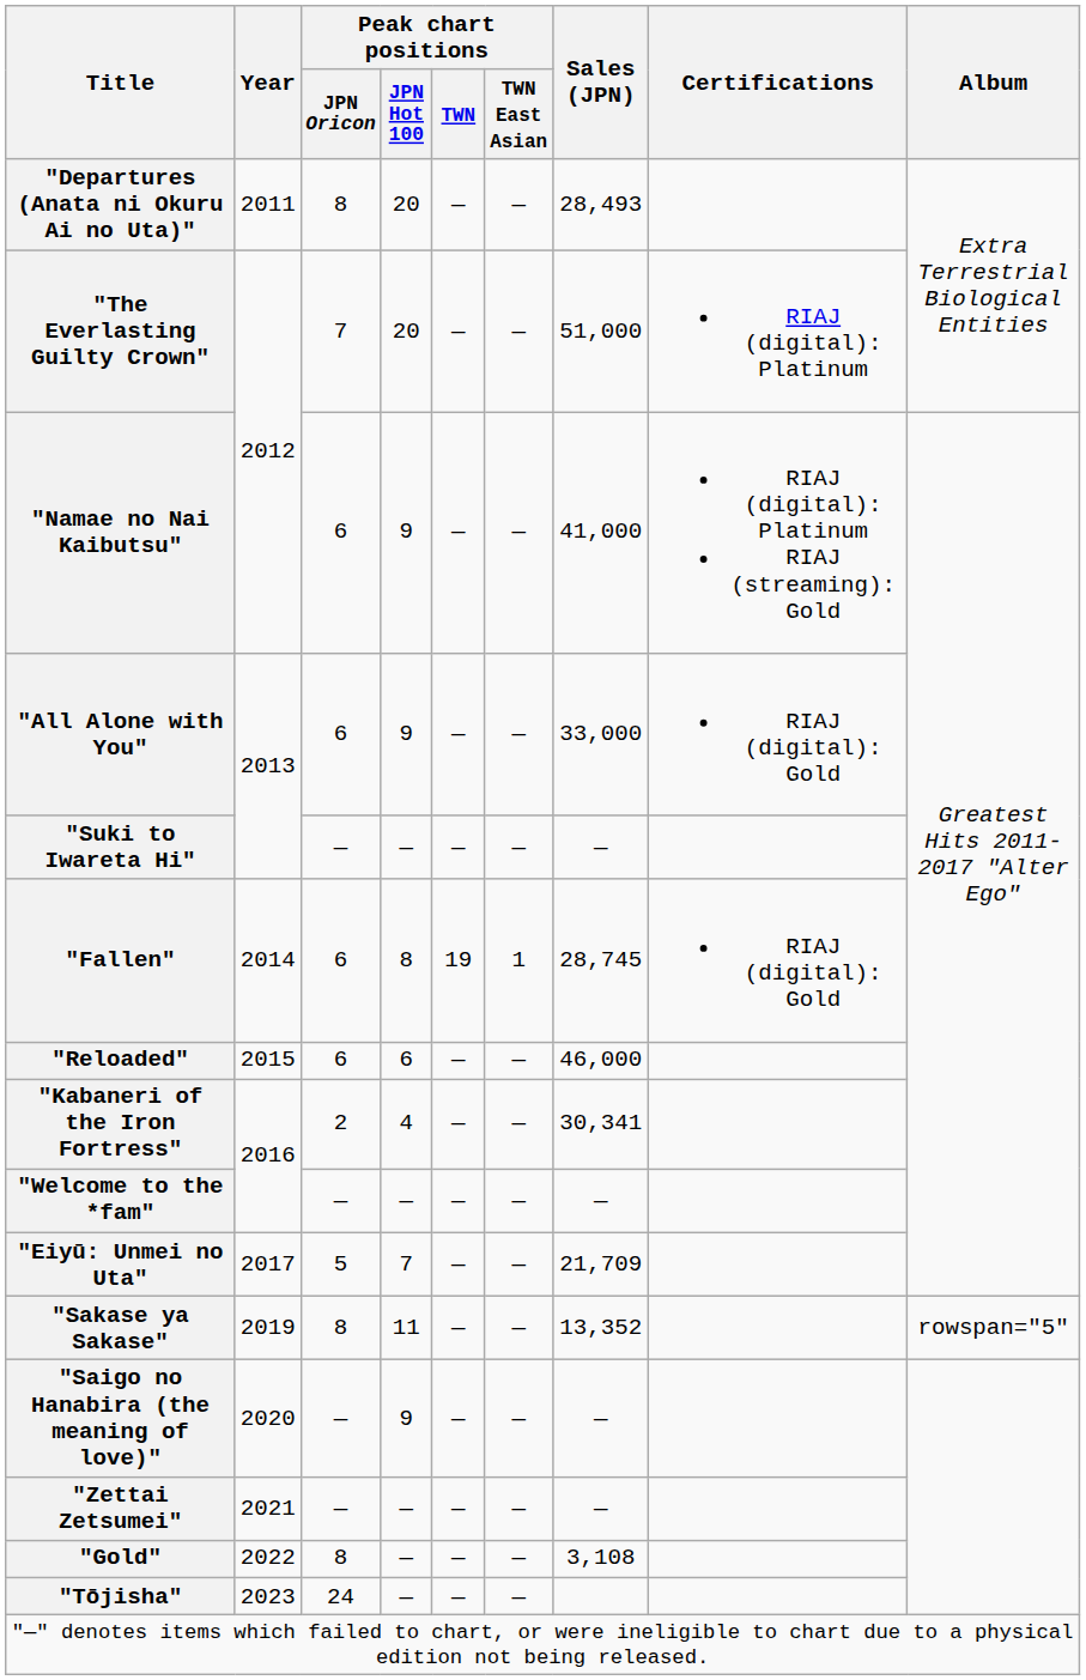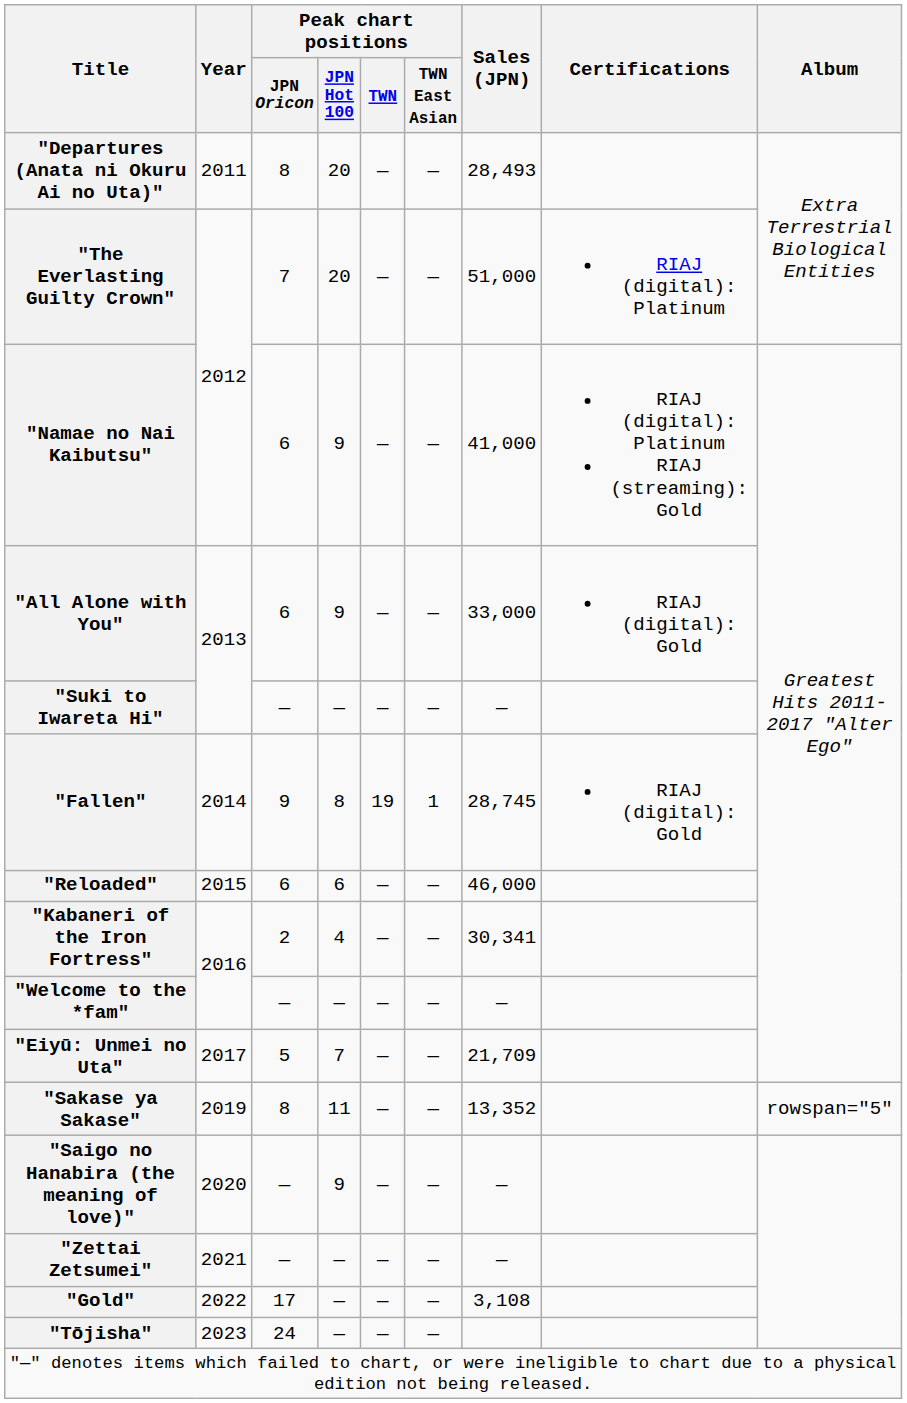 <table class="wikitable plainrowheaders" style="text-align:center;">
 <tr>
 <th scope="col" rowspan="2" style="width:16em;">Title</th>
 <th scope="col" rowspan="2" style="width:2em;">Year</th>
 <th scope="col" colspan="4">Peak chart positions</th>
 <th scope="col" rowspan="2" style="width:4em;">Sales (JPN)</th>
 <th scope="col" rowspan="2" style="width:12em;">Certifications</th>
 <th scope="col" rowspan="2" style="width:8em;">Album</th>
 </tr>
 <tr>
 <th style="width:3em;font-size:85%">JPN <em>Oricon</em><br></th>
 <th style="width:3em;font-size:85%"><a href='#'>JPN Hot 100</a><br></th>
 <th style="width:2.5em;"><small><a href='#'>TWN</a></small><br></th>
 <th style="width:2.5em;"><small>TWN East Asian</small><br></th>
 </tr>
 <tr>
 <th scope="row">"Departures (Anata ni Okuru Ai no Uta)"</th>
 <td>2011</td>
 <td>8</td>
 <td>20</td>
 <td>—</td>
 <td>—</td>
 <td>28,493</td>
 <td></td>
 <td rowspan="2"><em>Extra Terrestrial Biological Entities</em></td>
 </tr>
 <tr>
 <th scope="row">"The Everlasting Guilty Crown"</th>
 <td rowspan="2">2012</td>
 <td>7</td>
 <td>20</td>
 <td>—</td>
 <td>—</td>
 <td>51,000</td>
 <td><br><ul><li><a href='#'>RIAJ</a> <span>(digital)</span>: Platinum</li></ul></td>
 </tr>
 <tr>
 <th scope="row">"Namae no Nai Kaibutsu"</th>
 <td>6</td>
 <td>9</td>
 <td>—</td>
 <td>—</td>
 <td>41,000</td>
 <td><br><ul><li>RIAJ <span>(digital)</span>: Platinum</li><li>RIAJ <span>(streaming)</span>: Gold</li></ul></td>
 <td rowspan="8"><em>Greatest Hits 2011-2017 "Alter Ego"</em></td>
 </tr>
 <tr>
 <th scope="row">"All Alone with You"</th>
 <td rowspan="2">2013</td>
 <td>6</td>
 <td>9</td>
 <td>—</td>
 <td>—</td>
 <td>33,000</td>
 <td><br><ul><li>RIAJ <span>(digital)</span>: Gold</li></ul></td>
 </tr>
 <tr>
 <th scope="row">"Suki to Iwareta Hi"</th>
 <td>—</td>
 <td>—</td>
 <td>—</td>
 <td>—</td>
 <td>—</td>
 <td></td>
 </tr>
 <tr>
 <th scope="row">"Fallen"</th>
 <td>2014</td>
-<td>6</td>
+<td>9</td>
 <td>8</td>
 <td>19</td>
 <td>1</td>
 <td>28,745</td>
 <td><br><ul><li>RIAJ <span>(digital)</span>: Gold</li></ul></td>
 </tr>
 <tr>
 <th scope="row">"Reloaded"</th>
 <td>2015</td>
 <td>6</td>
 <td>6</td>
 <td>—</td>
 <td>—</td>
 <td>46,000</td>
 <td></td>
 </tr>
 <tr>
 <th scope="row">"Kabaneri of the Iron Fortress"</th>
 <td rowspan="2">2016</td>
 <td>2</td>
 <td>4</td>
 <td>—</td>
 <td>—</td>
 <td>30,341</td>
 <td></td>
 </tr>
 <tr>
 <th scope="row">"Welcome to the *fam"</th>
 <td>—</td>
 <td>—</td>
 <td>—</td>
 <td>—</td>
 <td>—</td>
 <td></td>
 </tr>
 <tr>
 <th scope="row">"Eiyū: Unmei no Uta"</th>
 <td>2017</td>
 <td>5</td>
 <td>7</td>
 <td>—</td>
 <td>—</td>
 <td>21,709</td>
 </tr>
 <tr>
 <th scope="row">"Sakase ya Sakase"</th>
 <td>2019</td>
 <td>8</td>
 <td>11</td>
 <td>—</td>
 <td>—</td>
 <td>13,352</td>
 <td></td>
 <td>rowspan="5" </td>
 </tr>
 <tr>
 <th scope="row">"Saigo no Hanabira (the meaning of love)"</th>
 <td>2020</td>
 <td>—</td>
 <td>9</td>
 <td>—</td>
 <td>—</td>
 <td>—</td>
 <td></td>
 </tr>
 <tr>
 <th scope="row">"Zettai Zetsumei"</th>
 <td>2021</td>
 <td>—</td>
 <td>—</td>
 <td>—</td>
 <td>—</td>
 <td>—</td>
 <td></td>
 </tr>
 <tr>
 <th scope="row">"Gold"</th>
 <td>2022</td>
-<td>8</td>
+<td>17</td>
 <td>—</td>
 <td>—</td>
 <td>—</td>
 <td>3,108</td>
 <td></td>
 </tr>
 <tr>
 <th scope="row">"Tōjisha"</th>
 <td>2023</td>
 <td>24</td>
 <td>—</td>
 <td>—</td>
 <td>—</td>
 <td></td>
 <td></td>
 </tr>
 <tr>
 <td colspan="13" style="font-size:90%;">"—" denotes items which failed to chart, or were ineligible to chart due to a physical edition not being released.</td>
 </tr>
 </table>
